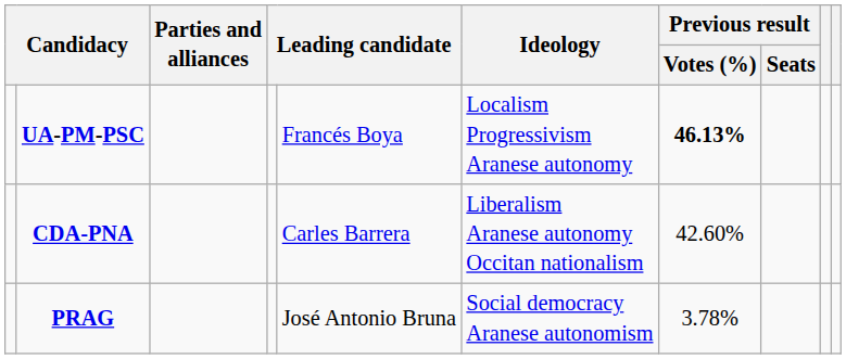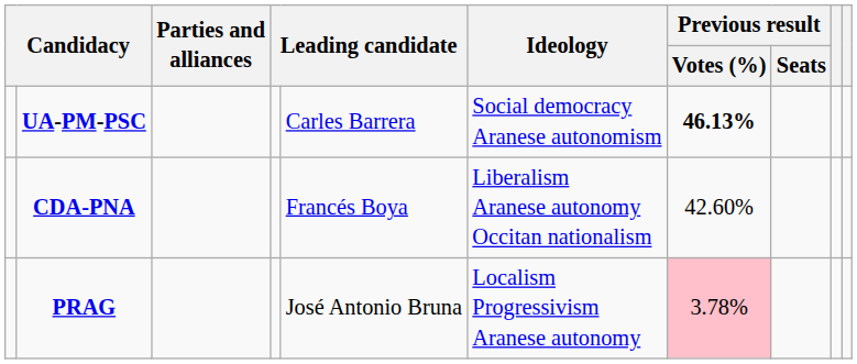 <table class="wikitable" style="line-height:1.35em; text-align:left;">
 <tr>
 <th colspan="2" rowspan="2">Candidacy</th>
 <th rowspan="2">Parties and<br>alliances</th>
 <th colspan="2" rowspan="2">Leading candidate</th>
 <th rowspan="2">Ideology</th>
 <th colspan="2">Previous result</th>
 <th rowspan="2"></th>
 <th rowspan="2"></th>
 </tr>
 <tr>
 <th>Votes (%)</th>
 <th>Seats</th>
 </tr>
 <tr>
 <td style="color:inherit;background:"></td>
 <td align="center"><strong><a href='#'>UA</a>-<a href='#'>PM</a>-<a href='#'>PSC</a></strong></td>
 <td></td>
 <td></td>
-<td><a href='#'>Francés Boya</a></td>
-<td><a href='#'>Localism</a><br><a href='#'>Progressivism</a><br><a href='#'>Aranese autonomy</a></td>
+<td><a href='#'>Carles Barrera</a></td>
+<td><a href='#'>Social democracy</a><br><a href='#'>Aranese autonomism</a></td>
 <td align="center"><strong>46.13%</strong></td>
 <td></td>
 <td></td>
 <td></td>
 </tr>
 <tr>
 <td width="1" style="color:inherit;background:"></td>
 <td align="center"><strong><a href='#'>CDA-PNA</a></strong></td>
 <td></td>
 <td></td>
-<td><a href='#'>Carles Barrera</a></td>
+<td><a href='#'>Francés Boya</a></td>
 <td><a href='#'>Liberalism</a><br><a href='#'>Aranese autonomy</a><br><a href='#'>Occitan nationalism</a></td>
 <td align="center">42.60%</td>
 <td></td>
 <td></td>
 <td></td>
 </tr>
 <tr>
 <td style="color:inherit;background:"></td>
 <td align="center"><strong><a href='#'>PRAG</a></strong></td>
 <td></td>
 <td></td>
 <td>José Antonio Bruna</td>
-<td><a href='#'>Social democracy</a><br><a href='#'>Aranese autonomism</a></td>
-<td align="center">3.78%</td>
+<td><a href='#'>Localism</a><br><a href='#'>Progressivism</a><br><a href='#'>Aranese autonomy</a></td>
+<td align="center" style="background: pink;">3.78%</td>
 <td></td>
 <td></td>
 <td></td>
 </tr>
 </table>
